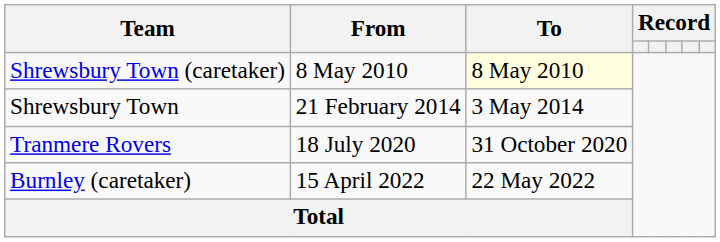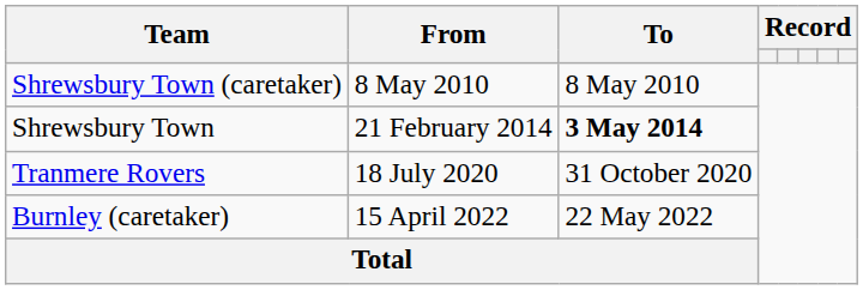 <table class=wikitable style="text-align:center">
 <tr>
 <th rowspan=2>Team</th>
 <th rowspan=2>From</th>
 <th rowspan=2>To</th>
 <th colspan=5>Record</th>
 </tr>
 <tr>
 <th></th>
 <th></th>
 <th></th>
 <th></th>
 <th></th>
 </tr>
 <tr>
 <td align=left><a href='#'>Shrewsbury Town</a> (caretaker)</td>
 <td align=left>8 May 2010</td>
-<td align=left style="background: lightyellow;">8 May 2010<br></td>
+<td align=left>8 May 2010<br></td>
 </tr>
 <tr>
 <td align=left>Shrewsbury Town</td>
 <td align=left>21 February 2014</td>
-<td align=left>3 May 2014<br></td>
+<td align=left><strong>3 May 2014<br></strong></td>
 </tr>
 <tr>
 <td align=left><a href='#'>Tranmere Rovers</a></td>
 <td align=left>18 July 2020</td>
 <td align=left>31 October 2020<br></td>
 </tr>
 <tr>
 <td align=left><a href='#'>Burnley</a> (caretaker)</td>
 <td align=left>15 April 2022</td>
 <td align=left>22 May 2022<br></td>
 </tr>
 <tr>
 <th colspan=3>Total<br></th>
 </tr>
 </table>
